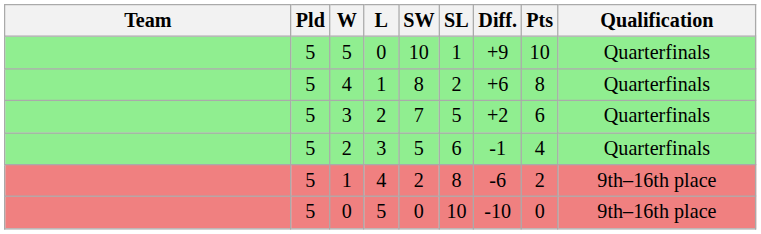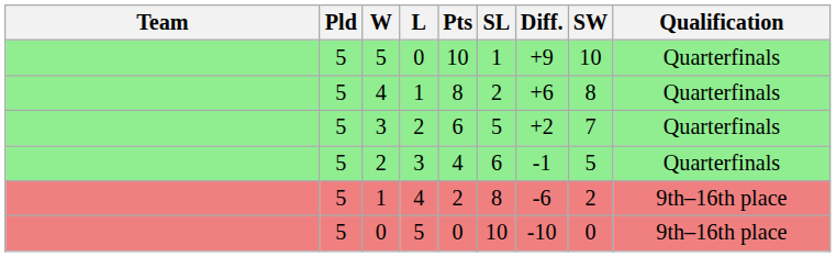 <table class=wikitable style="text-align:center">
 <tr>
 <th width=220>Team</th>
 <th width=20>Pld</th>
 <th width=20>W</th>
 <th width=20>L</th>
-<th width=20>SW</th>
+<th width=20>Pts</th>
 <th width=20>SL</th>
 <th width=20>Diff.</th>
-<th width=20>Pts</th>
+<th width=20>SW</th>
 <th width=150>Qualification</th>
 </tr>
 <tr bgcolor=90EE90>
 <td align=left></td>
 <td>5</td>
 <td>5</td>
 <td>0</td>
 <td>10</td>
 <td>1</td>
 <td>+9</td>
 <td>10</td>
 <td>Quarterfinals</td>
 </tr>
 <tr bgcolor=90EE90>
 <td align=left></td>
 <td>5</td>
 <td>4</td>
 <td>1</td>
 <td>8</td>
 <td>2</td>
 <td>+6</td>
 <td>8</td>
 <td>Quarterfinals</td>
 </tr>
 <tr bgcolor=90EE90>
 <td align=left></td>
 <td>5</td>
 <td>3</td>
 <td>2</td>
-<td>7</td>
+<td>6</td>
 <td>5</td>
 <td>+2</td>
-<td>6</td>
+<td>7</td>
 <td>Quarterfinals</td>
 </tr>
 <tr bgcolor=90EE90>
 <td align=left></td>
 <td>5</td>
 <td>2</td>
 <td>3</td>
-<td>5</td>
+<td>4</td>
 <td>6</td>
 <td>-1</td>
-<td>4</td>
+<td>5</td>
 <td>Quarterfinals</td>
 </tr>
 <tr bgcolor=F08080>
 <td align=left></td>
 <td>5</td>
 <td>1</td>
 <td>4</td>
 <td>2</td>
 <td>8</td>
 <td>-6</td>
 <td>2</td>
 <td>9th–16th place</td>
 </tr>
 <tr bgcolor=F08080>
 <td align=left></td>
 <td>5</td>
 <td>0</td>
 <td>5</td>
 <td>0</td>
 <td>10</td>
 <td>-10</td>
 <td>0</td>
 <td>9th–16th place</td>
 </tr>
 </table>
